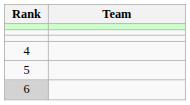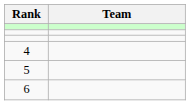 <table class="wikitable" style="text-align: center">
 <tr>
 <th width=50>Rank</th>
 <th width=170>Team</th>
 </tr>
 <tr bgcolor="#ccffcc">
 <td></td>
 <td align=left></td>
 </tr>
 <tr>
 <td></td>
 <td align=left></td>
 </tr>
 <tr>
 <td></td>
 <td align=left></td>
 </tr>
 <tr>
 <td>4</td>
 <td align=left></td>
 </tr>
 <tr>
 <td>5</td>
 <td align=left></td>
 </tr>
 <tr>
-<td style="background: lightgrey;">6</td>
+<td>6</td>
 <td align=left></td>
 </tr>
 </table>
